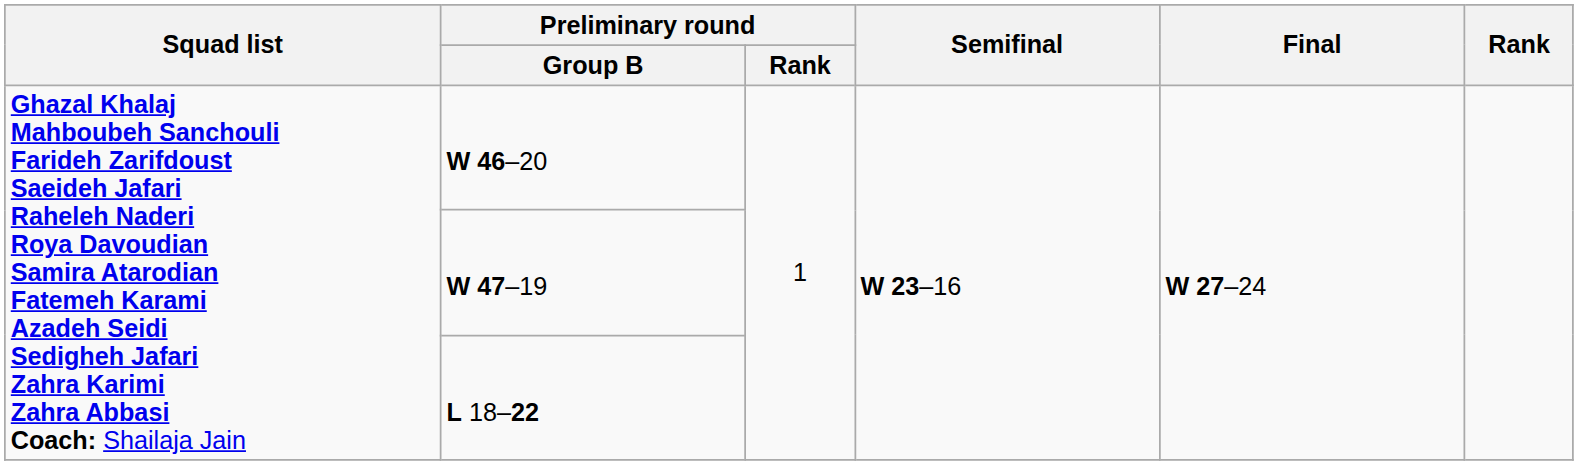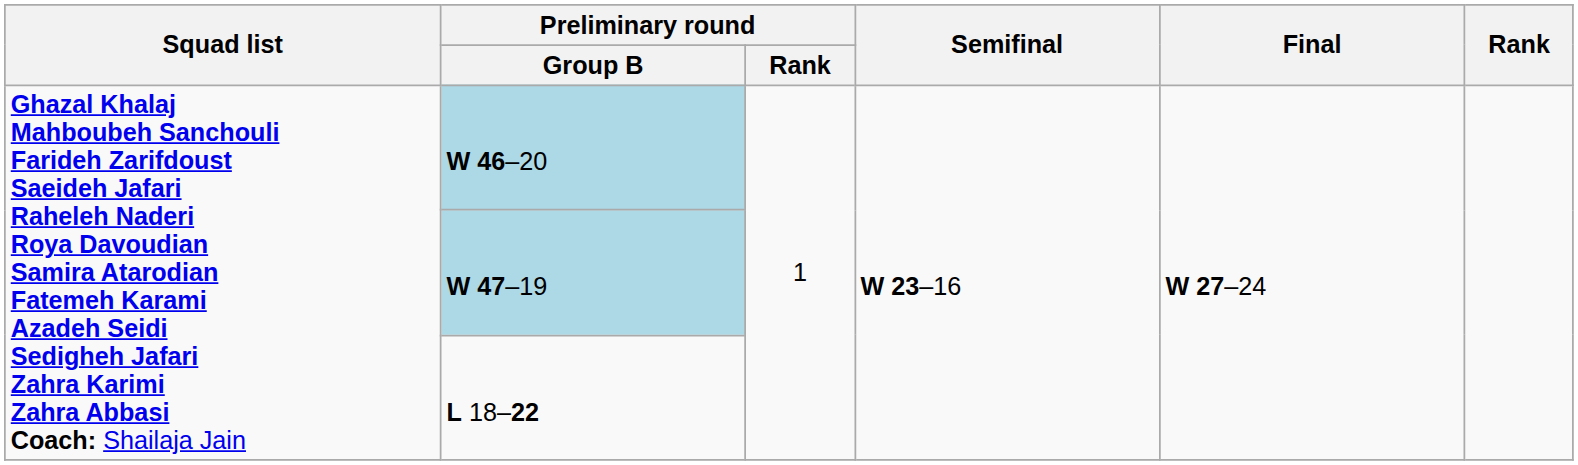 <table class="wikitable" width="71%" style="text-align:left; font-size:90%">
 <tr>
 <th rowspan="2" width="20%">Squad list</th>
 <th colspan="2">Preliminary round</th>
 <th rowspan="2" width="14%">Semifinal</th>
 <th rowspan="2" width="14%">Final</th>
 <th rowspan="2" width="5%">Rank</th>
 </tr>
 <tr>
 <th width="14%">Group B</th>
 <th width="5%">Rank</th>
 </tr>
 <tr>
 <td rowspan=3><strong><a href='#'>Ghazal Khalaj</a><br><a href='#'>Mahboubeh Sanchouli</a><br><a href='#'>Farideh Zarifdoust</a><br><a href='#'>Saeideh Jafari</a><br><a href='#'>Raheleh Naderi</a><br><a href='#'>Roya Davoudian</a><br><a href='#'>Samira Atarodian</a><br><a href='#'>Fatemeh Karami</a><br><a href='#'>Azadeh Seidi</a><br><a href='#'>Sedigheh Jafari</a><br><a href='#'>Zahra Karimi</a><br><a href='#'>Zahra Abbasi</a><br>Coach:</strong>  <a href='#'>Shailaja Jain</a></td>
-<td><br><strong>W</strong> <strong>46</strong>–20</td>
+<td style="background: lightblue;"><br><strong>W</strong> <strong>46</strong>–20</td>
 <td rowspan=3 align=center>1 <strong></strong></td>
 <td rowspan=3><br><strong>W</strong> <strong>23</strong>–16</td>
 <td rowspan=3><br><strong>W</strong> <strong>27</strong>–24</td>
 <td rowspan=3 align=center></td>
 </tr>
 <tr>
-<td><br><strong>W</strong> <strong>47</strong>–19</td>
+<td style="background: lightblue;"><br><strong>W</strong> <strong>47</strong>–19</td>
 </tr>
 <tr>
 <td><br><strong>L</strong> 18–<strong>22</strong></td>
 </tr>
 </table>
